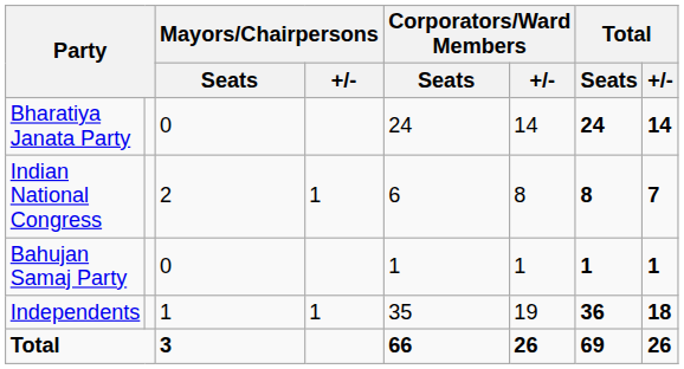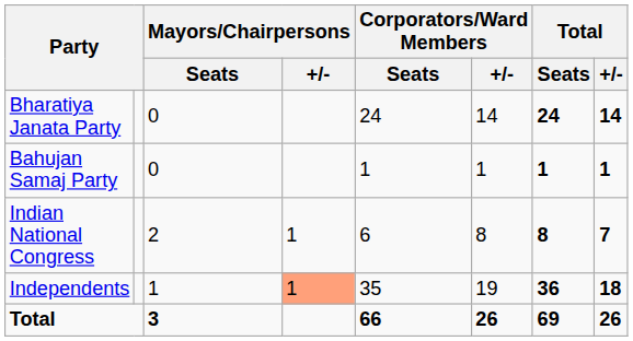 <table width="40%" cellpadding="2" cellspacing="0" border="1" style="border-collapse: collapse; border: 2px black; font-size: x-big; font-family: arial" class="wikitable sortable">
 <tr>
 <th rowspan=2; colspan=2>Party</th>
 <th colspan=2>Mayors/Chairpersons</th>
 <th colspan=2>Corporators/Ward Members</th>
 <th colspan=2>Total</th>
 </tr>
 <tr>
 <th>Seats</th>
 <th>+/-</th>
 <th>Seats</th>
 <th>+/-</th>
 <th>Seats</th>
 <th>+/-</th>
 </tr>
 <tr>
 <td><a href='#'>Bharatiya Janata Party</a></td>
 <td width="4px" style="background-color: "></td>
 <td>0</td>
 <td></td>
 <td>24</td>
 <td> 14</td>
 <td><strong>24</strong></td>
 <td> <strong>14</strong></td>
 </tr>
 <tr>
+<td><a href='#'>Bahujan Samaj Party</a></td>
+<td width="4px" style="background-color: "></td>
+<td>0</td>
+<td></td>
+<td>1</td>
+<td> 1</td>
+<td><strong>1</strong></td>
+<td> <strong>1</strong></td>
+</tr>
+<tr>
 <td><a href='#'>Indian National Congress</a></td>
 <td width="4px" style="background-color: "></td>
 <td>2</td>
 <td> 1</td>
 <td>6</td>
 <td> 8</td>
 <td><strong>8</strong></td>
 <td> <strong>7</strong></td>
 </tr>
 <tr>
-<td><a href='#'>Bahujan Samaj Party</a></td>
-<td width="4px" style="background-color: "></td>
-<td>0</td>
-<td></td>
-<td>1</td>
-<td> 1</td>
-<td><strong>1</strong></td>
-<td> <strong>1</strong></td>
-</tr>
-<tr>
 <td><a href='#'>Independents</a></td>
 <td width="4px" style="background-color: "></td>
 <td>1</td>
-<td> 1</td>
+<td style="background: lightsalmon;"> 1</td>
 <td>35</td>
 <td> 19</td>
 <td><strong>36</strong></td>
 <td> <strong>18</strong></td>
 </tr>
 <tr>
 <td colspan=2><strong>Total</strong></td>
 <td><strong>3</strong></td>
 <td></td>
 <td><strong>66</strong></td>
 <td> <strong>26</strong></td>
 <td><strong>69</strong></td>
 <td> <strong>26</strong></td>
 </tr>
 </table>
